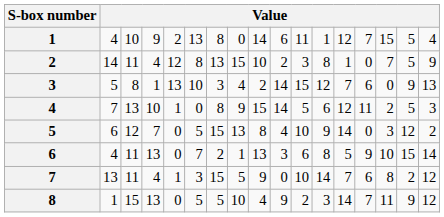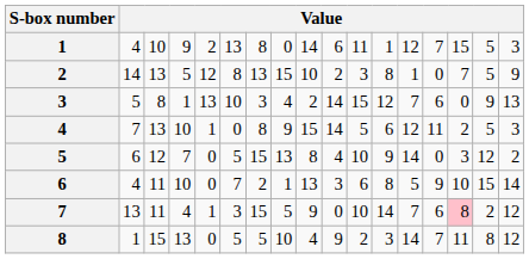 <table class="wikitable" style="text-align: right">
 <tr>
 <th>S-box number</th>
 <th colspan=16>Value</th>
 </tr>
 <tr>
 <th>1</th>
 <td>4</td>
 <td>10</td>
 <td>9</td>
 <td>2</td>
 <td>13</td>
 <td>8</td>
 <td>0</td>
 <td>14</td>
 <td>6</td>
 <td>11</td>
 <td>1</td>
 <td>12</td>
 <td>7</td>
 <td>15</td>
 <td>5</td>
-<td>4</td>
+<td>3</td>
 </tr>
 <tr>
 <th>2</th>
 <td>14</td>
-<td>11</td>
-<td>4</td>
+<td>13</td>
+<td>5</td>
 <td>12</td>
 <td>8</td>
 <td>13</td>
 <td>15</td>
 <td>10</td>
 <td>2</td>
 <td>3</td>
 <td>8</td>
 <td>1</td>
 <td>0</td>
 <td>7</td>
 <td>5</td>
 <td>9</td>
 </tr>
 <tr>
 <th>3</th>
 <td>5</td>
 <td>8</td>
 <td>1</td>
 <td>13</td>
 <td>10</td>
 <td>3</td>
 <td>4</td>
 <td>2</td>
 <td>14</td>
 <td>15</td>
 <td>12</td>
 <td>7</td>
 <td>6</td>
 <td>0</td>
 <td>9</td>
 <td>13</td>
 </tr>
 <tr>
 <th>4</th>
 <td>7</td>
 <td>13</td>
 <td>10</td>
 <td>1</td>
 <td>0</td>
 <td>8</td>
 <td>9</td>
 <td>15</td>
 <td>14</td>
 <td>5</td>
 <td>6</td>
 <td>12</td>
 <td>11</td>
 <td>2</td>
 <td>5</td>
 <td>3</td>
 </tr>
 <tr>
 <th>5</th>
 <td>6</td>
 <td>12</td>
 <td>7</td>
 <td>0</td>
 <td>5</td>
 <td>15</td>
 <td>13</td>
 <td>8</td>
 <td>4</td>
 <td>10</td>
 <td>9</td>
 <td>14</td>
 <td>0</td>
 <td>3</td>
 <td>12</td>
 <td>2</td>
 </tr>
 <tr>
 <th>6</th>
 <td>4</td>
 <td>11</td>
-<td>13</td>
+<td>10</td>
 <td>0</td>
 <td>7</td>
 <td>2</td>
 <td>1</td>
 <td>13</td>
 <td>3</td>
 <td>6</td>
 <td>8</td>
 <td>5</td>
 <td>9</td>
 <td>10</td>
 <td>15</td>
 <td>14</td>
 </tr>
 <tr>
 <th>7</th>
 <td>13</td>
 <td>11</td>
 <td>4</td>
 <td>1</td>
 <td>3</td>
 <td>15</td>
 <td>5</td>
 <td>9</td>
 <td>0</td>
 <td>10</td>
 <td>14</td>
 <td>7</td>
 <td>6</td>
-<td>8</td>
+<td style="background: pink;">8</td>
 <td>2</td>
 <td>12</td>
 </tr>
 <tr>
 <th>8</th>
 <td>1</td>
 <td>15</td>
 <td>13</td>
 <td>0</td>
 <td>5</td>
 <td>5</td>
 <td>10</td>
 <td>4</td>
 <td>9</td>
 <td>2</td>
 <td>3</td>
 <td>14</td>
 <td>7</td>
 <td>11</td>
-<td>9</td>
+<td>8</td>
 <td>12</td>
 </tr>
 </table>
